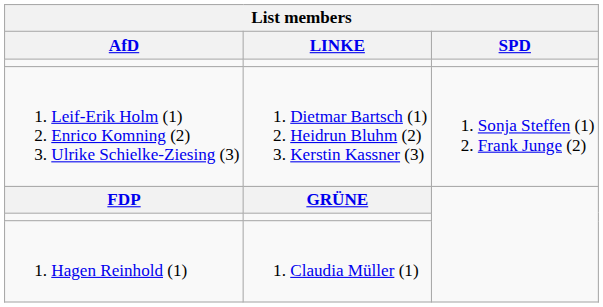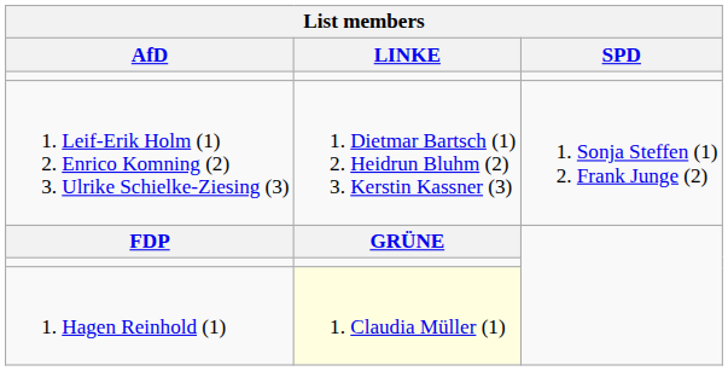 <table class=wikitable>
 <tr>
 <th colspan=3>List members</th>
 </tr>
 <tr>
 <th><a href='#'>AfD</a></th>
 <th><a href='#'>LINKE</a></th>
 <th><a href='#'>SPD</a></th>
 </tr>
 <tr>
 <td bgcolor=></td>
 <td bgcolor=></td>
 <td bgcolor=></td>
 </tr>
 <tr>
 <td><br><ol><li><a href='#'>Leif-Erik Holm</a> (1)</li><li><a href='#'>Enrico Komning</a> (2)</li><li><a href='#'>Ulrike Schielke-Ziesing</a> (3)</li></ol></td>
 <td><br><ol><li><a href='#'>Dietmar Bartsch</a> (1)</li><li><a href='#'>Heidrun Bluhm</a> (2)</li><li><a href='#'>Kerstin Kassner</a> (3)</li></ol></td>
 <td><br><ol><li><a href='#'>Sonja Steffen</a> (1)</li><li><a href='#'>Frank Junge</a> (2)</li></ol></td>
 </tr>
 <tr>
 <th><a href='#'>FDP</a></th>
 <th><a href='#'>GRÜNE</a></th>
 </tr>
 <tr>
 <td bgcolor=></td>
 <td bgcolor=></td>
 </tr>
 <tr>
 <td><br><ol><li><a href='#'>Hagen Reinhold</a> (1)</li></ol></td>
-<td><br><ol><li><a href='#'>Claudia Müller</a> (1)</li></ol></td>
+<td style="background: lightyellow;"><br><ol><li><a href='#'>Claudia Müller</a> (1)</li></ol></td>
 </tr>
 </table>
